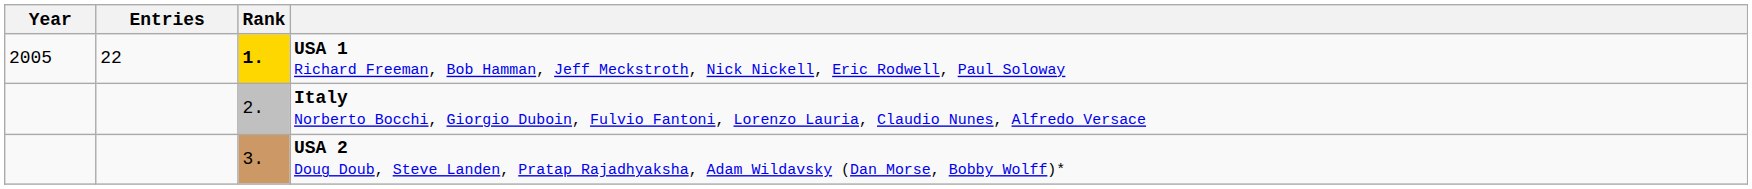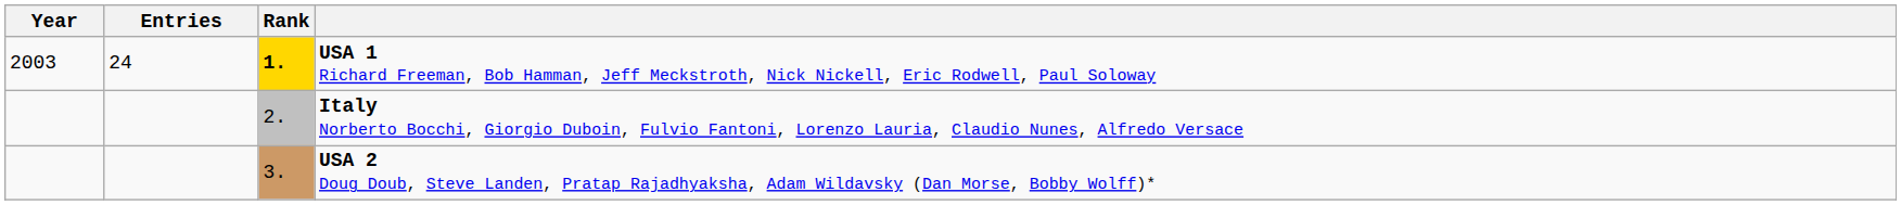 <table class="wikitable" style="width:100%;">
 <tr>
 <th>Year</th>
 <th>Entries</th>
 <th>Rank</th>
 <th></th>
 </tr>
 <tr>
-<td width=60>2005</td>
-<td>22</td>
+<td width=60>2003</td>
+<td>24</td>
 <td style="background:gold; width:30px;"><strong>1.</strong></td>
 <td> <strong>USA 1</strong> <br><small><a href='#'>Richard Freeman</a>, <a href='#'>Bob Hamman</a>, <a href='#'>Jeff Meckstroth</a>, <a href='#'>Nick Nickell</a>, <a href='#'>Eric Rodwell</a>, <a href='#'>Paul Soloway</a></small></td>
 </tr>
 <tr>
 <td></td>
 <td></td>
 <td style="background:silver;">2.</td>
 <td> <strong>Italy</strong><br><small><a href='#'>Norberto Bocchi</a>, <a href='#'>Giorgio Duboin</a>, <a href='#'>Fulvio Fantoni</a>, <a href='#'>Lorenzo Lauria</a>, <a href='#'>Claudio Nunes</a>, <a href='#'>Alfredo Versace</a></small></td>
 </tr>
 <tr>
 <td></td>
 <td></td>
 <td style="background:#c96;">3.</td>
 <td> <strong>USA 2</strong> <br><small><a href='#'>Doug Doub</a>, <a href='#'>Steve Landen</a>, <a href='#'>Pratap Rajadhyaksha</a>, <a href='#'>Adam Wildavsky</a> (<a href='#'>Dan Morse</a>, <a href='#'>Bobby Wolff</a>)*</small></td>
 </tr>
 </table>
